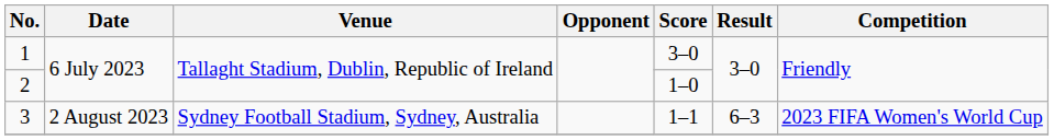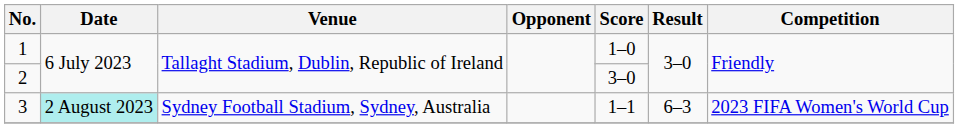 <table class="wikitable sortable">
 <tr>
 <th scope="col">No.</th>
 <th scope="col">Date</th>
 <th scope="col">Venue</th>
 <th scope="col">Opponent</th>
 <th scope="col">Score</th>
 <th scope="col">Result</th>
 <th scope="col">Competition</th>
 </tr>
 <tr>
 <td align="center">1</td>
 <td rowspan="2">6 July 2023</td>
 <td rowspan="2"><a href='#'>Tallaght Stadium</a>, <a href='#'>Dublin</a>, Republic of Ireland</td>
 <td rowspan="2"></td>
-<td align="center">3–0</td>
+<td align="center">1–0</td>
 <td rowspan="2" style="text-align:center">3–0</td>
 <td rowspan="2"><a href='#'>Friendly</a></td>
 </tr>
 <tr>
 <td align="center">2</td>
-<td align="center">1–0</td>
+<td align="center">3–0</td>
 </tr>
 <tr>
 <td align="center">3</td>
-<td>2 August 2023</td>
+<td style="background: paleturquoise;">2 August 2023</td>
 <td><a href='#'>Sydney Football Stadium</a>, <a href='#'>Sydney</a>, Australia</td>
 <td></td>
 <td align="center">1–1</td>
 <td align="center">6–3</td>
 <td><a href='#'>2023 FIFA Women's World Cup</a></td>
 </tr>
 <tr>
 </tr>
 </table>
